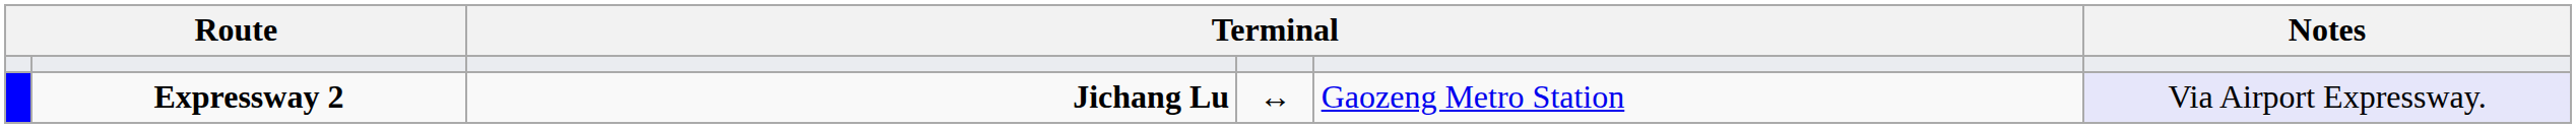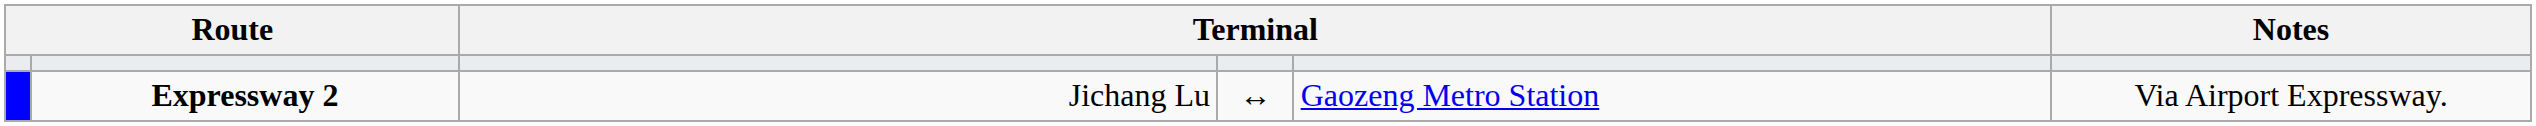 <table class="wikitable sortable" style="width:100%; text-align:center;">
 <tr>
 <th colspan="2" width="18%">Route</th>
 <th colspan="3">Terminal</th>
 <th width="19%">Notes</th>
 </tr>
 <tr style="background:#EAECF0" height=0>
 <td width="1%"></td>
 <td></td>
 <td width="30%"></td>
 <td></td>
 <td width="30%"></td>
 <td></td>
 </tr>
 <tr>
 <td style="background:blue"></td>
 <td><strong>Expressway 2</strong></td>
-<td align=right><strong>Jichang Lu</strong></td>
+<td align=right>Jichang Lu</td>
 <td>↔</td>
 <td align=left><a href='#'>Gaozeng Metro Station</a></td>
-<td style="background: lavender;">Via Airport Expressway.</td>
+<td>Via Airport Expressway.</td>
 </tr>
 </table>
